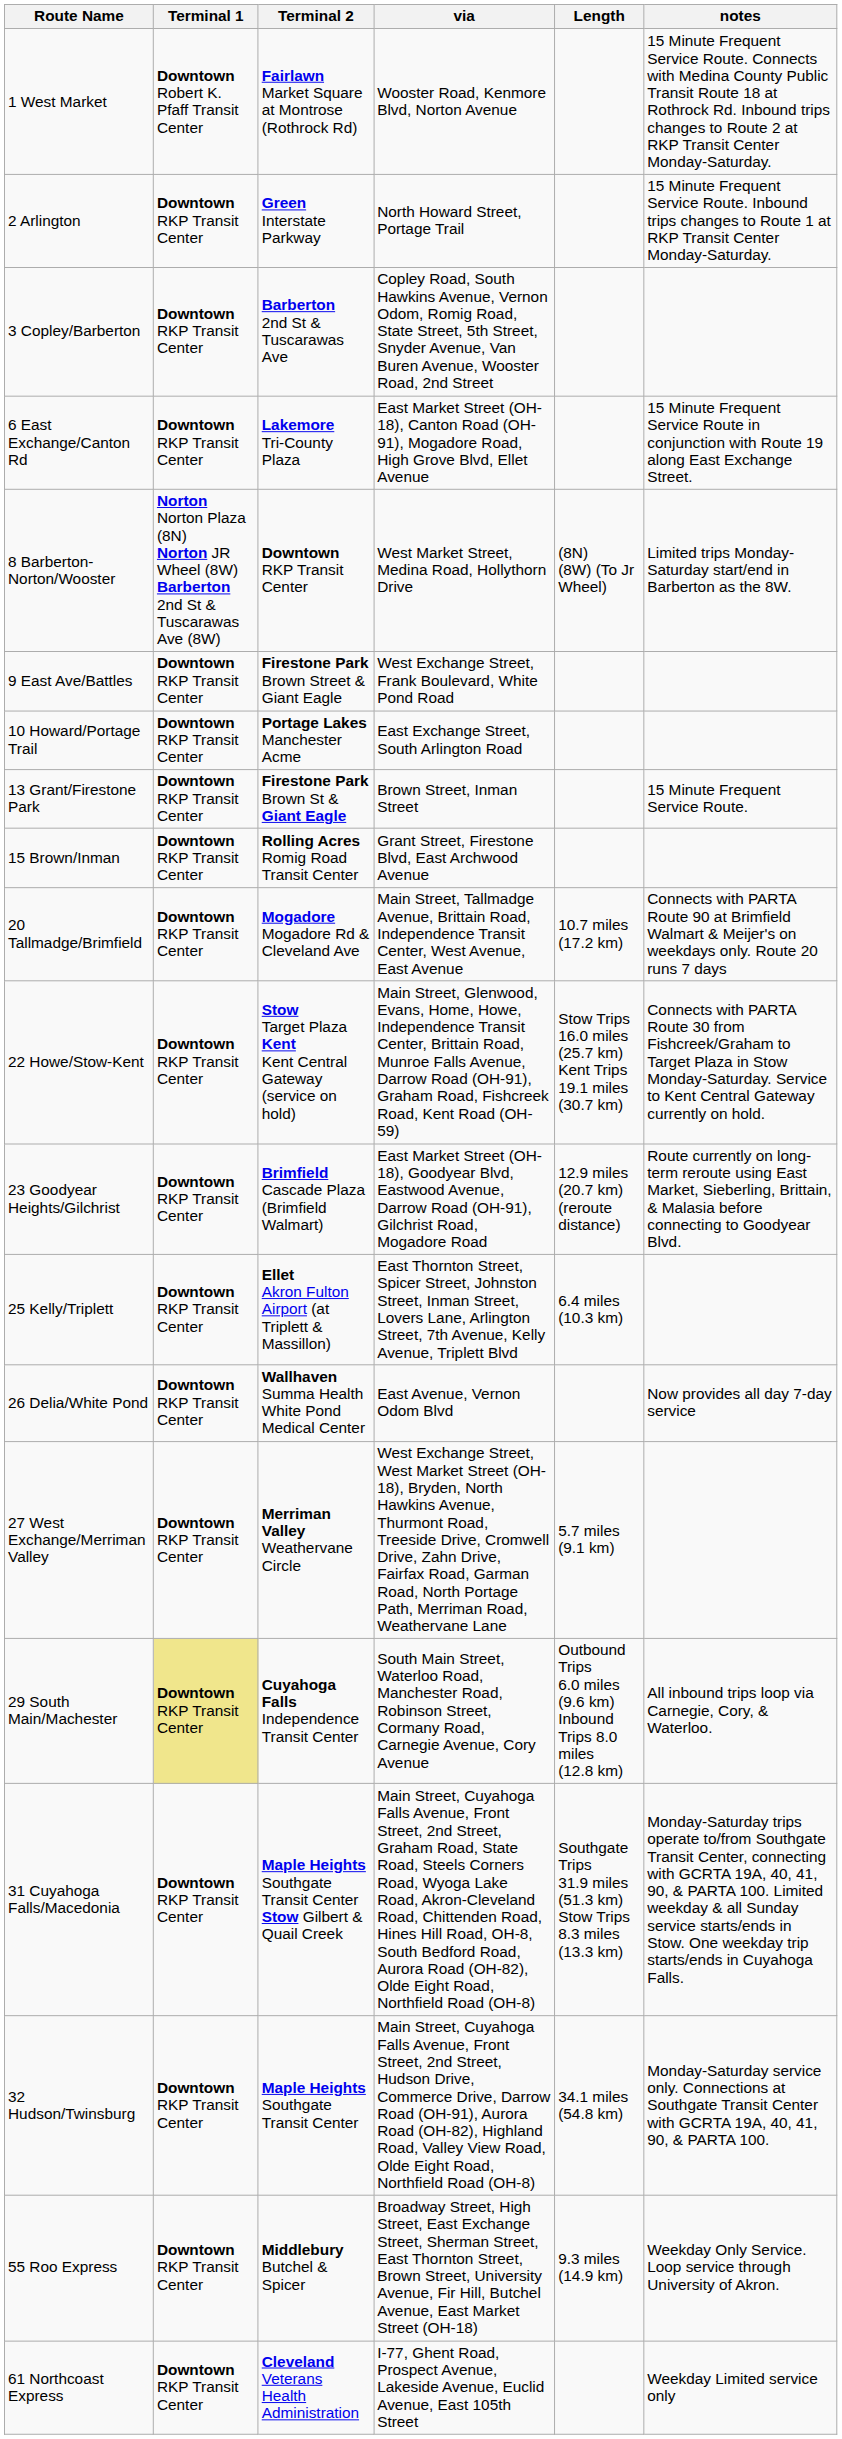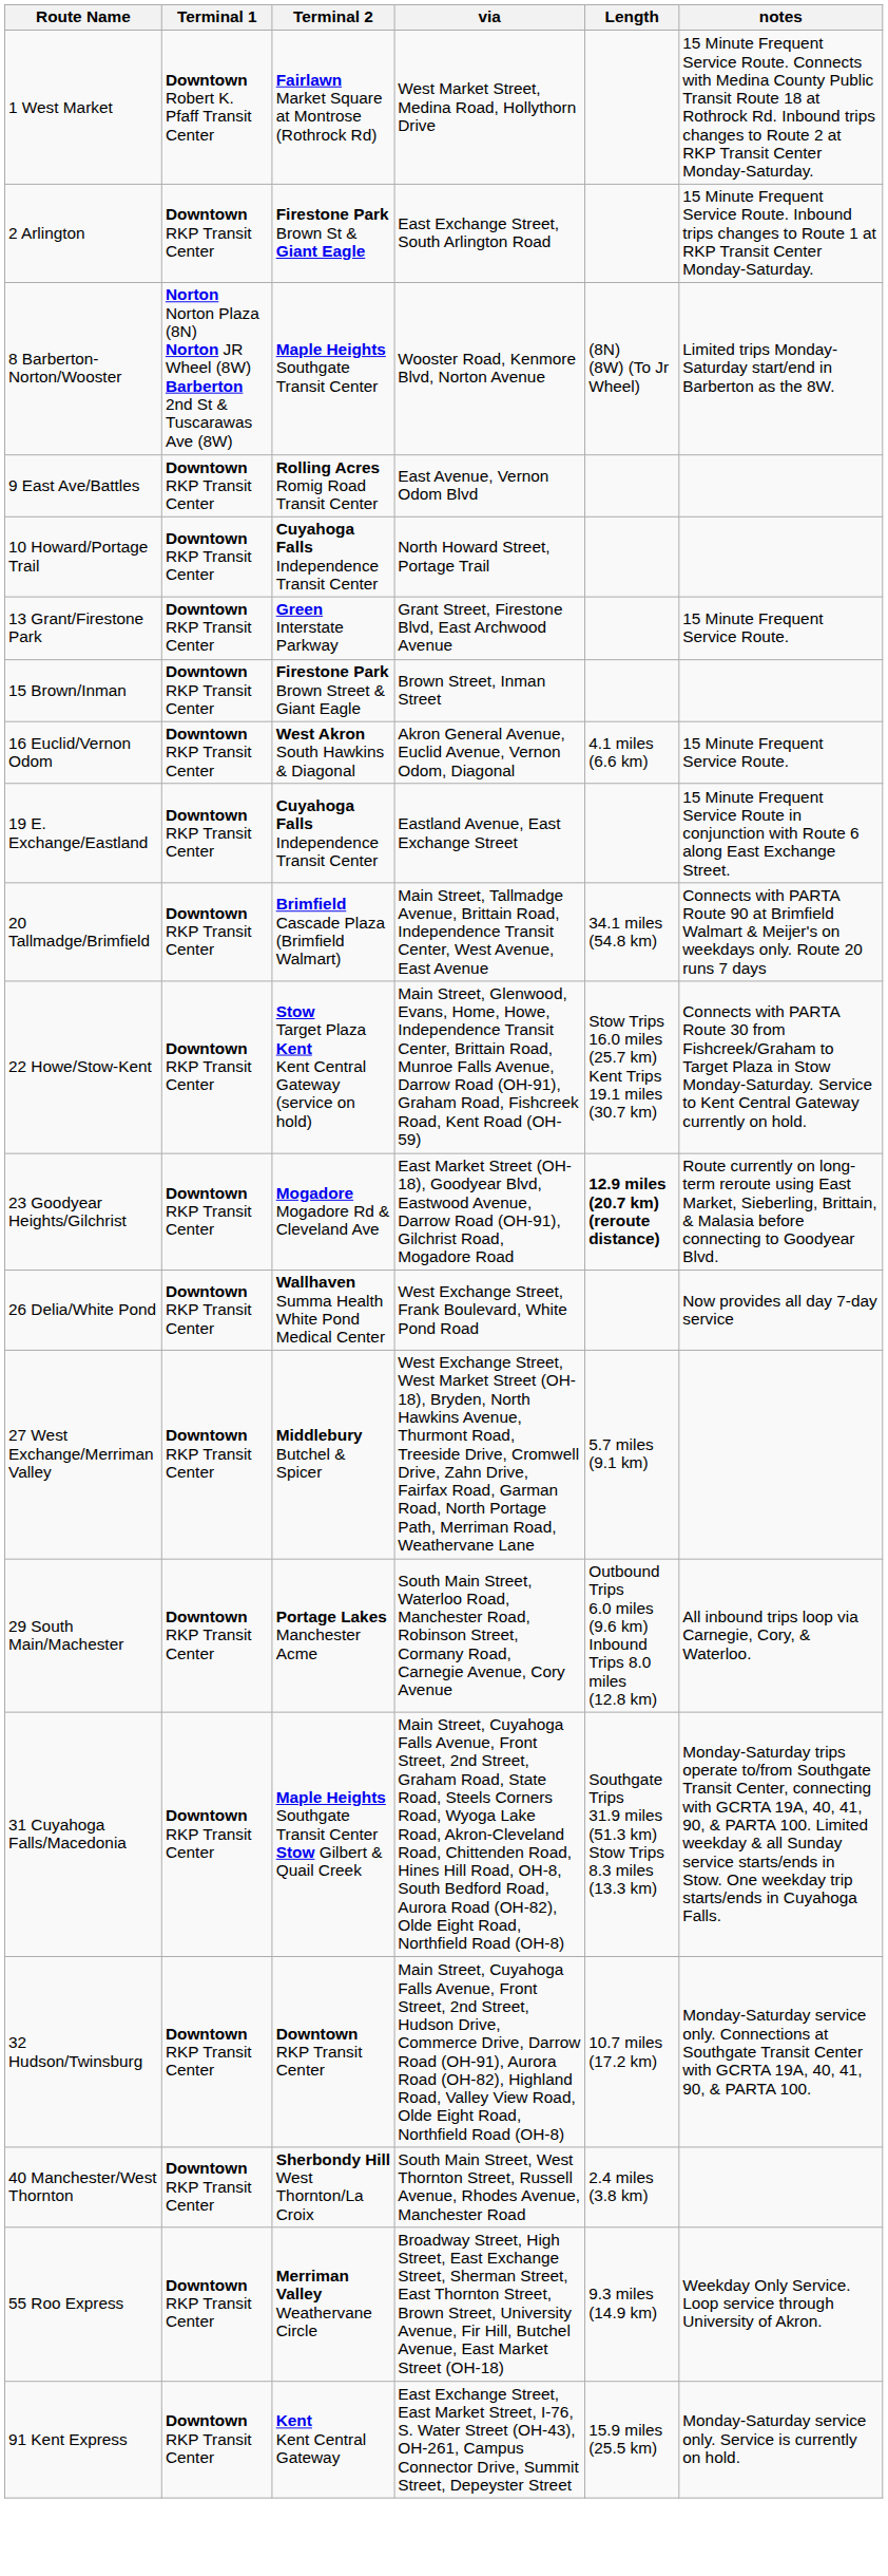 <table class="wikitable sortable">
 <tr>
 <th>Route Name</th>
 <th>Terminal 1</th>
 <th>Terminal 2</th>
 <th>via</th>
 <th>Length</th>
 <th>notes</th>
 </tr>
 <tr>
 <td>1 West Market</td>
 <td><strong>Downtown</strong><br>Robert K. Pfaff Transit Center</td>
 <td><strong><a href='#'>Fairlawn</a></strong><br>Market Square at Montrose (Rothrock Rd)</td>
-<td>Wooster Road, Kenmore Blvd, Norton Avenue</td>
+<td>West Market Street, Medina Road, Hollythorn Drive</td>
 <td></td>
 <td>15 Minute Frequent Service Route. Connects with Medina County Public Transit Route 18 at Rothrock Rd. Inbound trips changes to Route 2 at RKP Transit Center Monday-Saturday.</td>
 </tr>
 <tr>
 <td>2 Arlington</td>
 <td><strong>Downtown</strong><br>RKP Transit Center</td>
-<td><strong><a href='#'>Green</a></strong><br>Interstate Parkway</td>
-<td>North Howard Street, Portage Trail</td>
+<td><strong>Firestone Park</strong><br>Brown St & <strong><a href='#'>Giant Eagle</a></strong></td>
+<td>East Exchange Street, South Arlington Road</td>
 <td></td>
 <td>15 Minute Frequent Service Route. Inbound trips changes to Route 1 at RKP Transit Center Monday-Saturday.</td>
 </tr>
 <tr>
-<td>3 Copley/Barberton</td>
-<td><strong>Downtown</strong><br>RKP Transit Center</td>
-<td><a href='#'><strong>Barberton</strong></a><br>2nd St & Tuscarawas Ave</td>
-<td>Copley Road, South Hawkins Avenue, Vernon Odom, Romig Road, State Street, 5th Street, Snyder Avenue, Van Buren Avenue, Wooster Road, 2nd Street</td>
-<td></td>
-<td></td>
-</tr>
-<tr>
-<td>6 East Exchange/Canton Rd</td>
-<td><strong>Downtown</strong><br>RKP Transit Center</td>
-<td><strong><a href='#'>Lakemore</a></strong><br>Tri-County Plaza</td>
-<td>East Market Street (OH-18), Canton Road (OH-91), Mogadore Road, High Grove Blvd, Ellet Avenue</td>
-<td></td>
-<td>15 Minute Frequent Service Route in conjunction with Route 19 along East Exchange Street.</td>
-</tr>
-<tr>
 <td>8 Barberton-Norton/Wooster</td>
 <td><strong><a href='#'>Norton</a></strong><br>Norton Plaza (8N)<br><strong><a href='#'>Norton</a></strong> JR Wheel (8W) <a href='#'><strong>Barberton</strong></a> 2nd St & Tuscarawas Ave (8W)</td>
-<td><strong>Downtown</strong><br>RKP Transit Center</td>
-<td>West Market Street, Medina Road, Hollythorn Drive</td>
+<td><strong><a href='#'>Maple Heights</a></strong><br>Southgate Transit Center</td>
+<td>Wooster Road, Kenmore Blvd, Norton Avenue</td>
 <td>(8N) <br>(8W) (To Jr Wheel)</td>
 <td>Limited trips Monday-Saturday start/end in Barberton as the 8W.</td>
 </tr>
 <tr>
 <td>9 East Ave/Battles</td>
 <td><strong>Downtown</strong><br>RKP Transit Center</td>
-<td><strong>Firestone Park</strong><br>Brown Street & Giant Eagle</td>
-<td>West Exchange Street, Frank Boulevard, White Pond Road</td>
+<td><strong>Rolling Acres</strong><br>Romig Road Transit Center</td>
+<td>East Avenue, Vernon Odom Blvd</td>
 <td></td>
 <td></td>
 </tr>
 <tr>
 <td>10 Howard/Portage Trail</td>
 <td><strong>Downtown</strong><br>RKP Transit Center</td>
-<td><strong>Portage Lakes</strong><br>Manchester Acme</td>
-<td>East Exchange Street, South Arlington Road</td>
+<td><strong>Cuyahoga Falls</strong><br>Independence Transit Center</td>
+<td>North Howard Street, Portage Trail</td>
 <td></td>
 <td></td>
 </tr>
 <tr>
 <td>13 Grant/Firestone Park</td>
 <td><strong>Downtown</strong><br>RKP Transit Center</td>
-<td><strong>Firestone Park</strong><br>Brown St & <strong><a href='#'>Giant Eagle</a></strong></td>
-<td>Brown Street, Inman Street</td>
+<td><strong><a href='#'>Green</a></strong><br>Interstate Parkway</td>
+<td>Grant Street, Firestone Blvd, East Archwood Avenue</td>
 <td></td>
 <td>15 Minute Frequent Service Route.</td>
 </tr>
 <tr>
 <td>15 Brown/Inman</td>
 <td><strong>Downtown</strong><br>RKP Transit Center</td>
-<td><strong>Rolling Acres</strong><br>Romig Road Transit Center</td>
-<td>Grant Street, Firestone Blvd, East Archwood Avenue</td>
+<td><strong>Firestone Park</strong><br>Brown Street & Giant Eagle</td>
+<td>Brown Street, Inman Street</td>
 <td></td>
 <td></td>
 </tr>
 <tr>
+<td>16 Euclid/Vernon Odom</td>
+<td><strong>Downtown</strong><br>RKP Transit Center</td>
+<td><strong>West Akron</strong><br>South Hawkins & Diagonal</td>
+<td>Akron General Avenue, Euclid Avenue, Vernon Odom, Diagonal</td>
+<td>4.1 miles (6.6 km)</td>
+<td>15 Minute Frequent Service Route.</td>
+</tr>
+<tr>
+<td>19 E. Exchange/Eastland</td>
+<td><strong>Downtown</strong><br>RKP Transit Center</td>
+<td><strong>Cuyahoga Falls</strong><br>Independence Transit Center</td>
+<td>Eastland Avenue, East Exchange Street</td>
+<td></td>
+<td>15 Minute Frequent Service Route in conjunction with Route 6 along East Exchange Street.</td>
+</tr>
+<tr>
 <td>20 Tallmadge/Brimfield</td>
 <td><strong>Downtown</strong><br>RKP Transit Center</td>
-<td><strong><a href='#'>Mogadore</a></strong><br>Mogadore Rd & Cleveland Ave</td>
+<td><strong><a href='#'>Brimfield</a></strong><br>Cascade Plaza (Brimfield Walmart)</td>
 <td>Main Street, Tallmadge Avenue, Brittain Road, Independence Transit Center, West Avenue, East Avenue</td>
-<td>10.7 miles (17.2 km)</td>
+<td>34.1 miles<br>(54.8 km)</td>
 <td>Connects with PARTA Route 90 at Brimfield Walmart & Meijer's on weekdays only. Route 20 runs 7 days</td>
 </tr>
 <tr>
 <td>22 Howe/Stow-Kent</td>
 <td><strong>Downtown</strong><br>RKP Transit Center</td>
 <td><strong><a href='#'>Stow</a></strong><br>Target Plaza<br><strong><a href='#'>Kent</a></strong><br> Kent Central Gateway (service on hold)</td>
 <td>Main Street, Glenwood, Evans, Home, Howe, Independence Transit Center, Brittain Road, Munroe Falls Avenue, Darrow Road (OH-91), Graham Road, Fishcreek Road, Kent Road (OH-59)</td>
 <td>Stow Trips<br>16.0 miles (25.7 km) Kent Trips 19.1 miles (30.7 km)</td>
 <td>Connects with PARTA Route 30 from Fishcreek/Graham to Target Plaza in Stow Monday-Saturday. Service to Kent Central Gateway currently on hold.</td>
 </tr>
 <tr>
 <td>23 Goodyear Heights/Gilchrist</td>
 <td><strong>Downtown</strong><br>RKP Transit Center</td>
-<td><strong><a href='#'>Brimfield</a></strong><br>Cascade Plaza (Brimfield Walmart)</td>
+<td><strong><a href='#'>Mogadore</a></strong><br>Mogadore Rd & Cleveland Ave</td>
 <td>East Market Street (OH-18), Goodyear Blvd, Eastwood Avenue, Darrow Road (OH-91), Gilchrist Road, Mogadore Road</td>
-<td>12.9 miles (20.7 km) (reroute distance)</td>
+<td><strong>12.9 miles (20.7 km) (reroute distance)</strong></td>
 <td>Route currently on long-term reroute using East Market, Sieberling, Brittain, & Malasia before connecting to Goodyear Blvd.</td>
-</tr>
-<tr>
-<td>25 Kelly/Triplett</td>
-<td><strong>Downtown</strong><br>RKP Transit Center</td>
-<td><strong>Ellet</strong><br><a href='#'>Akron Fulton Airport</a> (at Triplett & Massillon)</td>
-<td>East Thornton Street, Spicer Street, Johnston Street, Inman Street, Lovers Lane, Arlington Street, 7th Avenue, Kelly Avenue, Triplett Blvd</td>
-<td>6.4 miles<br>(10.3 km)</td>
-<td></td>
 </tr>
 <tr>
 <td>26 Delia/White Pond</td>
 <td><strong>Downtown</strong><br>RKP Transit Center</td>
 <td><strong>Wallhaven</strong><br>Summa Health White Pond Medical Center</td>
-<td>East Avenue, Vernon Odom Blvd</td>
+<td>West Exchange Street, Frank Boulevard, White Pond Road</td>
 <td></td>
 <td>Now provides all day 7-day service</td>
 </tr>
 <tr>
 <td>27 West Exchange/Merriman Valley</td>
 <td><strong>Downtown</strong><br>RKP Transit Center</td>
-<td><strong>Merriman Valley</strong><br>Weathervane Circle</td>
+<td><strong>Middlebury</strong><br>Butchel & Spicer</td>
 <td>West Exchange Street, West Market Street (OH-18), Bryden, North Hawkins Avenue, Thurmont Road, Treeside Drive, Cromwell Drive, Zahn Drive, Fairfax Road, Garman Road, North Portage Path, Merriman Road, Weathervane Lane</td>
 <td>5.7 miles<br>(9.1 km)</td>
 <td></td>
 </tr>
 <tr>
 <td>29 South Main/Machester</td>
-<td style="background: khaki;"><strong>Downtown</strong><br>RKP Transit Center</td>
-<td><strong>Cuyahoga Falls</strong><br>Independence Transit Center</td>
+<td><strong>Downtown</strong><br>RKP Transit Center</td>
+<td><strong>Portage Lakes</strong><br>Manchester Acme</td>
 <td>South Main Street, Waterloo Road, Manchester Road, Robinson Street, Cormany Road, Carnegie Avenue, Cory Avenue</td>
 <td>Outbound Trips<br>6.0 miles  (9.6 km) Inbound Trips 8.0 miles  (12.8 km)</td>
 <td>All inbound trips loop via Carnegie, Cory, & Waterloo.</td>
 </tr>
 <tr>
 <td>31 Cuyahoga Falls/Macedonia</td>
 <td><strong>Downtown</strong><br>RKP Transit Center</td>
 <td><strong><a href='#'>Maple Heights</a></strong><br>Southgate Transit Center <strong><a href='#'>Stow</a></strong>  Gilbert & Quail Creek</td>
 <td>Main Street, Cuyahoga Falls Avenue, Front Street, 2nd Street, Graham Road, State Road, Steels Corners Road, Wyoga Lake Road, Akron-Cleveland Road, Chittenden Road, Hines Hill Road, OH-8, South Bedford Road, Aurora Road (OH-82), Olde Eight Road, Northfield Road (OH-8)</td>
 <td>Southgate Trips<br>31.9 miles  (51.3 km) Stow Trips 8.3 miles (13.3 km)</td>
 <td>Monday-Saturday trips operate to/from Southgate Transit Center, connecting with GCRTA 19A, 40, 41, 90, & PARTA 100. Limited weekday & all Sunday service starts/ends in Stow. One weekday trip starts/ends in Cuyahoga Falls.</td>
 </tr>
 <tr>
 <td>32 Hudson/Twinsburg</td>
 <td><strong>Downtown</strong><br>RKP Transit Center</td>
-<td><strong><a href='#'>Maple Heights</a></strong><br>Southgate Transit Center</td>
+<td><strong>Downtown</strong><br>RKP Transit Center</td>
 <td>Main Street, Cuyahoga Falls Avenue, Front Street, 2nd Street, Hudson Drive, Commerce Drive, Darrow Road (OH-91), Aurora Road (OH-82), Highland Road, Valley View Road, Olde Eight Road, Northfield Road (OH-8)</td>
-<td>34.1 miles<br>(54.8 km)</td>
+<td>10.7 miles (17.2 km)</td>
 <td>Monday-Saturday service only. Connections at Southgate Transit Center with GCRTA 19A, 40, 41, 90, & PARTA 100.</td>
+</tr>
+<tr>
+<td>40 Manchester/West Thornton</td>
+<td><strong>Downtown</strong><br>RKP Transit Center</td>
+<td><strong>Sherbondy Hill</strong><br>West Thornton/La Croix</td>
+<td>South Main Street, West Thornton Street, Russell Avenue, Rhodes Avenue, Manchester Road</td>
+<td>2.4 miles<br>(3.8 km)</td>
+<td></td>
 </tr>
 <tr>
 <td>55 Roo Express</td>
 <td><strong>Downtown</strong><br>RKP Transit Center</td>
-<td><strong>Middlebury</strong><br>Butchel & Spicer</td>
+<td><strong>Merriman Valley</strong><br>Weathervane Circle</td>
 <td>Broadway Street, High Street, East Exchange Street, Sherman Street, East Thornton Street, Brown Street, University Avenue, Fir Hill, Butchel Avenue, East Market Street (OH-18)</td>
 <td>9.3 miles<br>(14.9 km)</td>
 <td>Weekday Only Service. Loop service through University of Akron.</td>
 </tr>
 <tr>
-<td>61 Northcoast Express</td>
+<td>91 Kent Express</td>
 <td><strong>Downtown</strong><br>RKP Transit Center</td>
-<td><strong><a href='#'>Cleveland</a></strong><br><a href='#'>Veterans Health Administration</a></td>
-<td>I-77, Ghent Road, Prospect Avenue, Lakeside Avenue, Euclid Avenue, East 105th Street</td>
-<td></td>
-<td>Weekday Limited service only</td>
+<td><strong><a href='#'>Kent</a></strong><br>Kent Central Gateway</td>
+<td>East Exchange Street, East Market Street, I-76, S. Water Street (OH-43), OH-261, Campus Connector Drive, Summit Street, Depeyster Street</td>
+<td>15.9 miles<br>(25.5 km)</td>
+<td>Monday-Saturday service only. Service is currently on hold.</td>
 </tr>
 </table>
